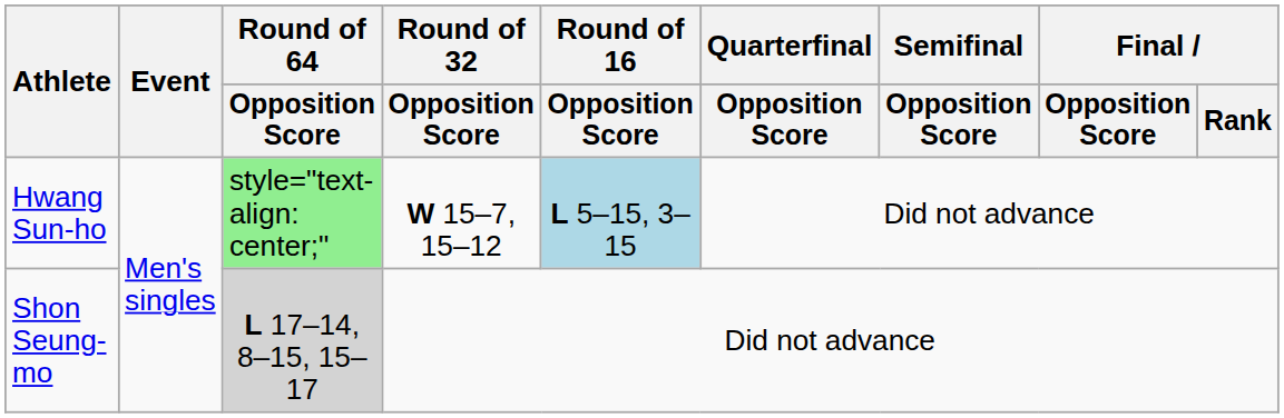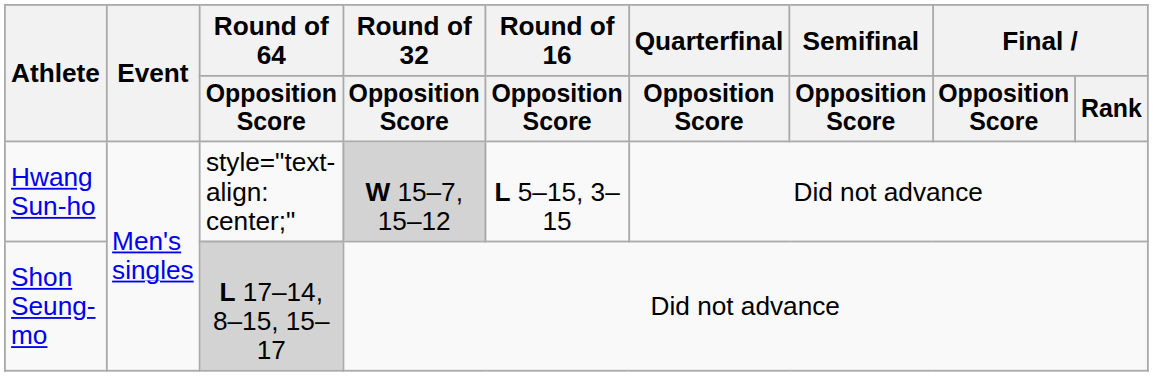 <table class=wikitable style="font-size:90%">
 <tr>
 <th rowspan="2">Athlete</th>
 <th rowspan="2">Event</th>
 <th>Round of 64</th>
 <th>Round of 32</th>
 <th>Round of 16</th>
 <th>Quarterfinal</th>
 <th>Semifinal</th>
 <th colspan=2>Final / </th>
 </tr>
 <tr style="font-size:95%">
 <th>Opposition<br>Score</th>
 <th>Opposition<br>Score</th>
 <th>Opposition<br>Score</th>
 <th>Opposition<br>Score</th>
 <th>Opposition<br>Score</th>
 <th>Opposition<br>Score</th>
 <th>Rank</th>
 </tr>
 <tr>
 <td style="text-align: left;"><a href='#'>Hwang Sun-ho</a></td>
 <td rowspan=2 style="text-align: left;"><a href='#'>Men's singles</a></td>
-<td style="background: lightgreen;">style="text-align: center;" </td>
-<td style="text-align: center;"><br><strong>W</strong> 15–7, 15–12</td>
-<td style="background: lightblue; text-align: center;"><br><strong>L</strong> 5–15, 3–15</td>
+<td>style="text-align: center;" </td>
+<td style="background: lightgrey; text-align: center;"><br><strong>W</strong> 15–7, 15–12</td>
+<td style="text-align: center;"><br><strong>L</strong> 5–15, 3–15</td>
 <td colspan=4 style="text-align: center;">Did not advance</td>
 </tr>
 <tr>
 <td style="text-align: left;"><a href='#'>Shon Seung-mo</a></td>
 <td style="background: lightgrey; text-align: center;"><br><strong>L</strong> 17–14, 8–15, 15–17</td>
 <td colspan=6 style="text-align: center;">Did not advance</td>
 </tr>
 </table>
